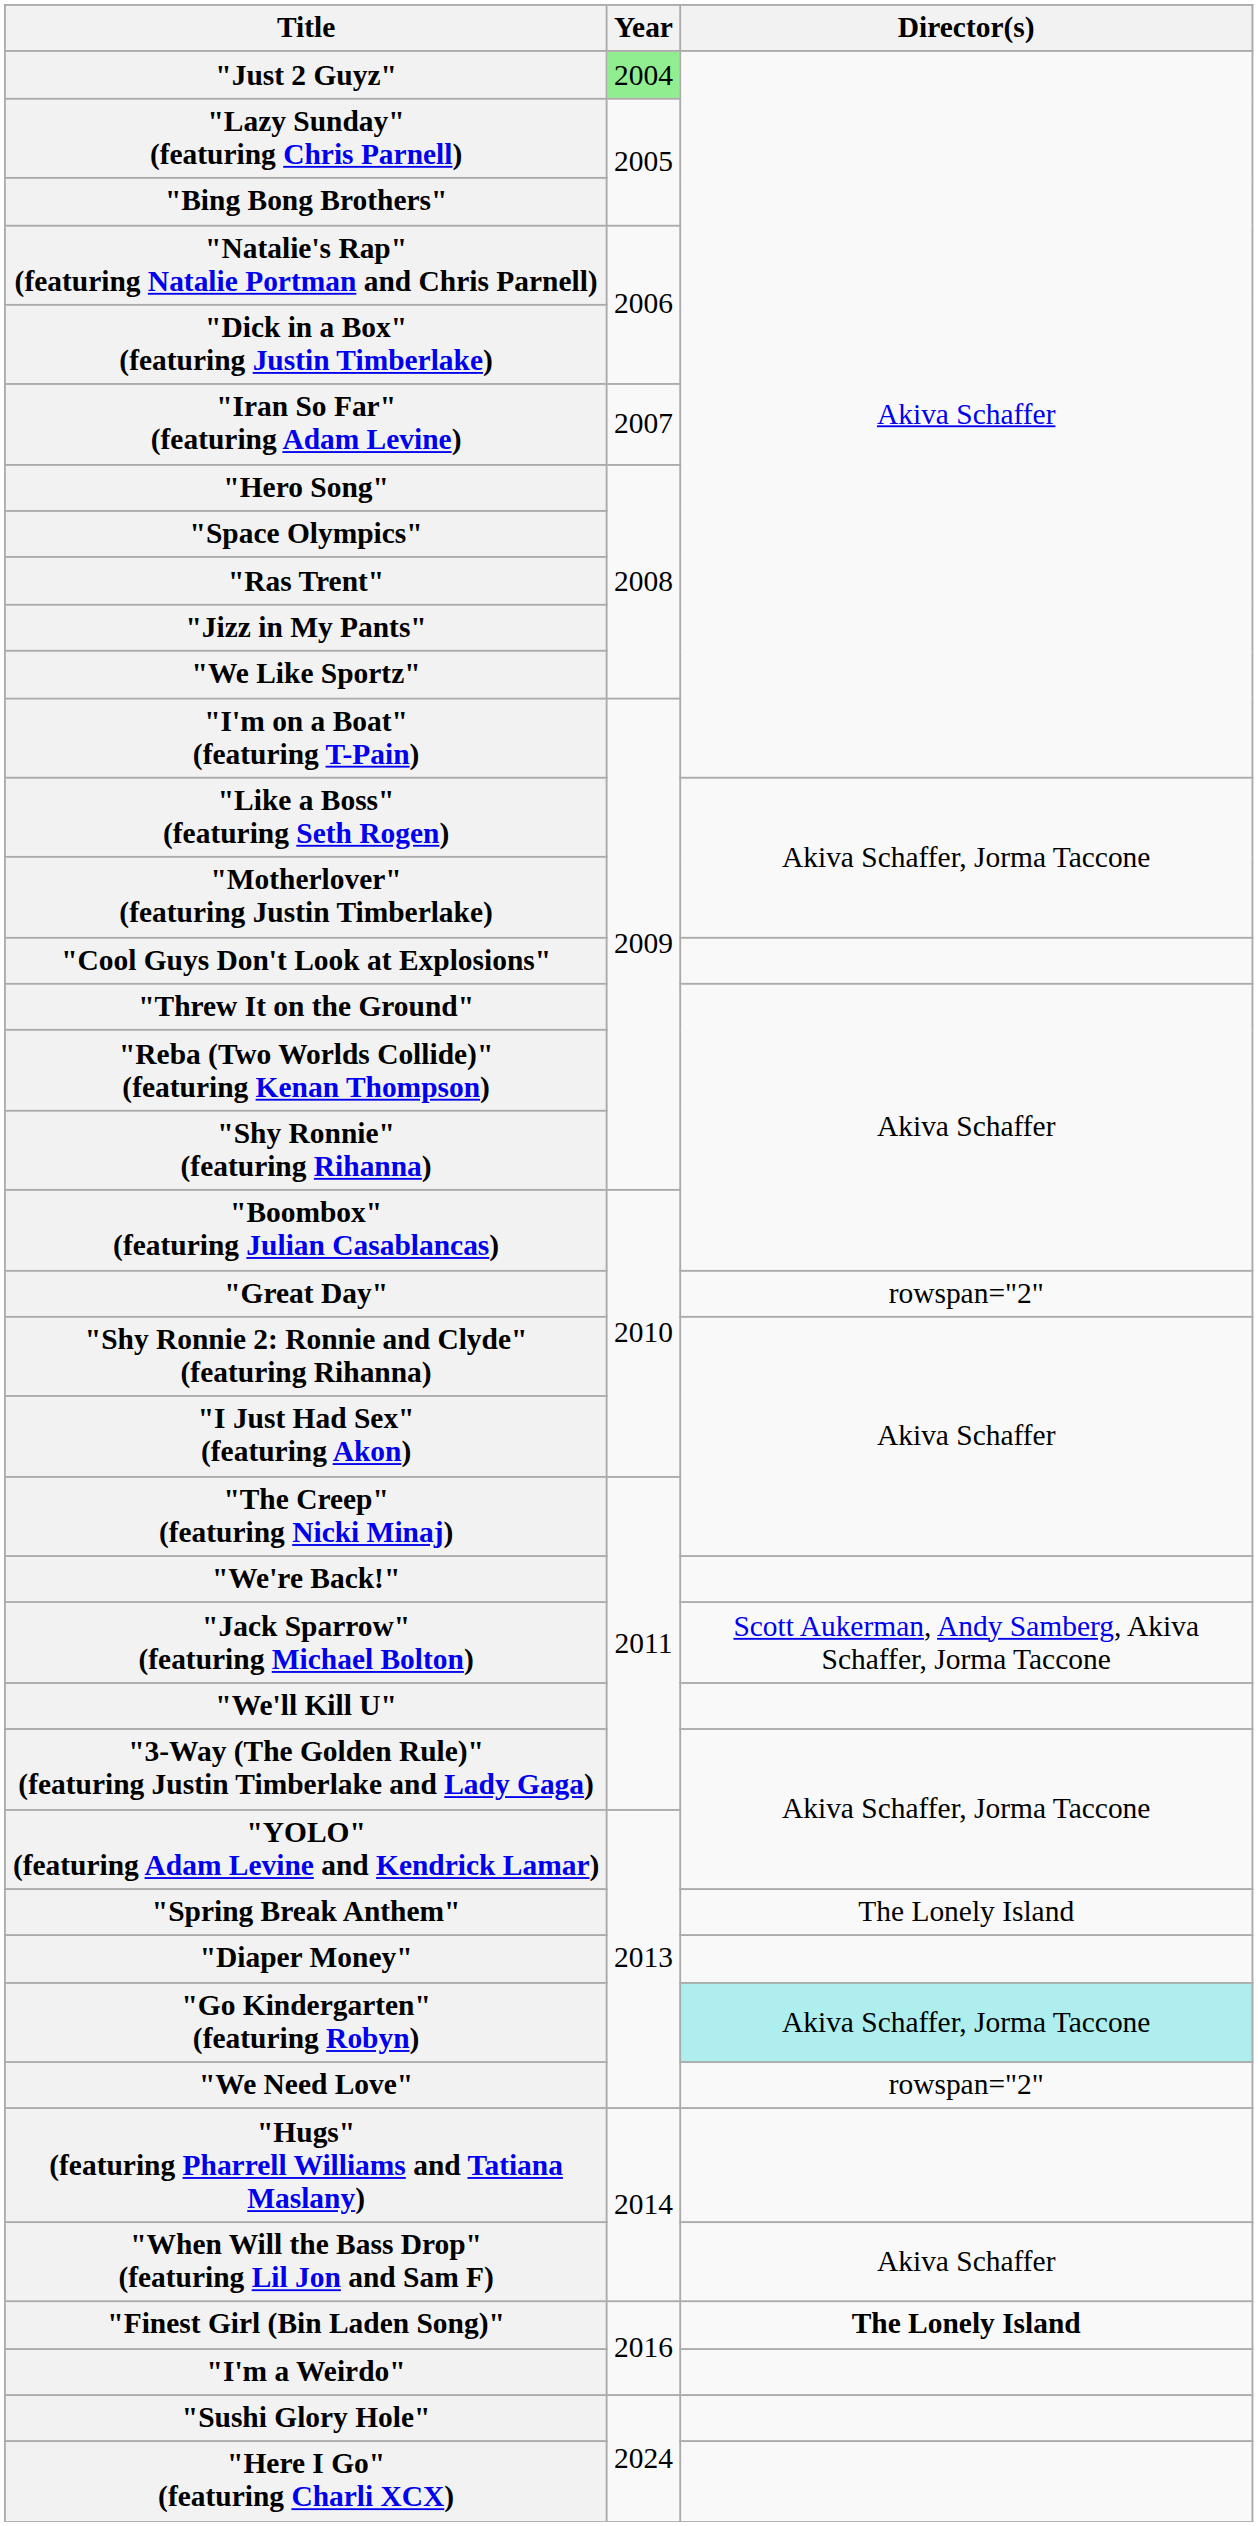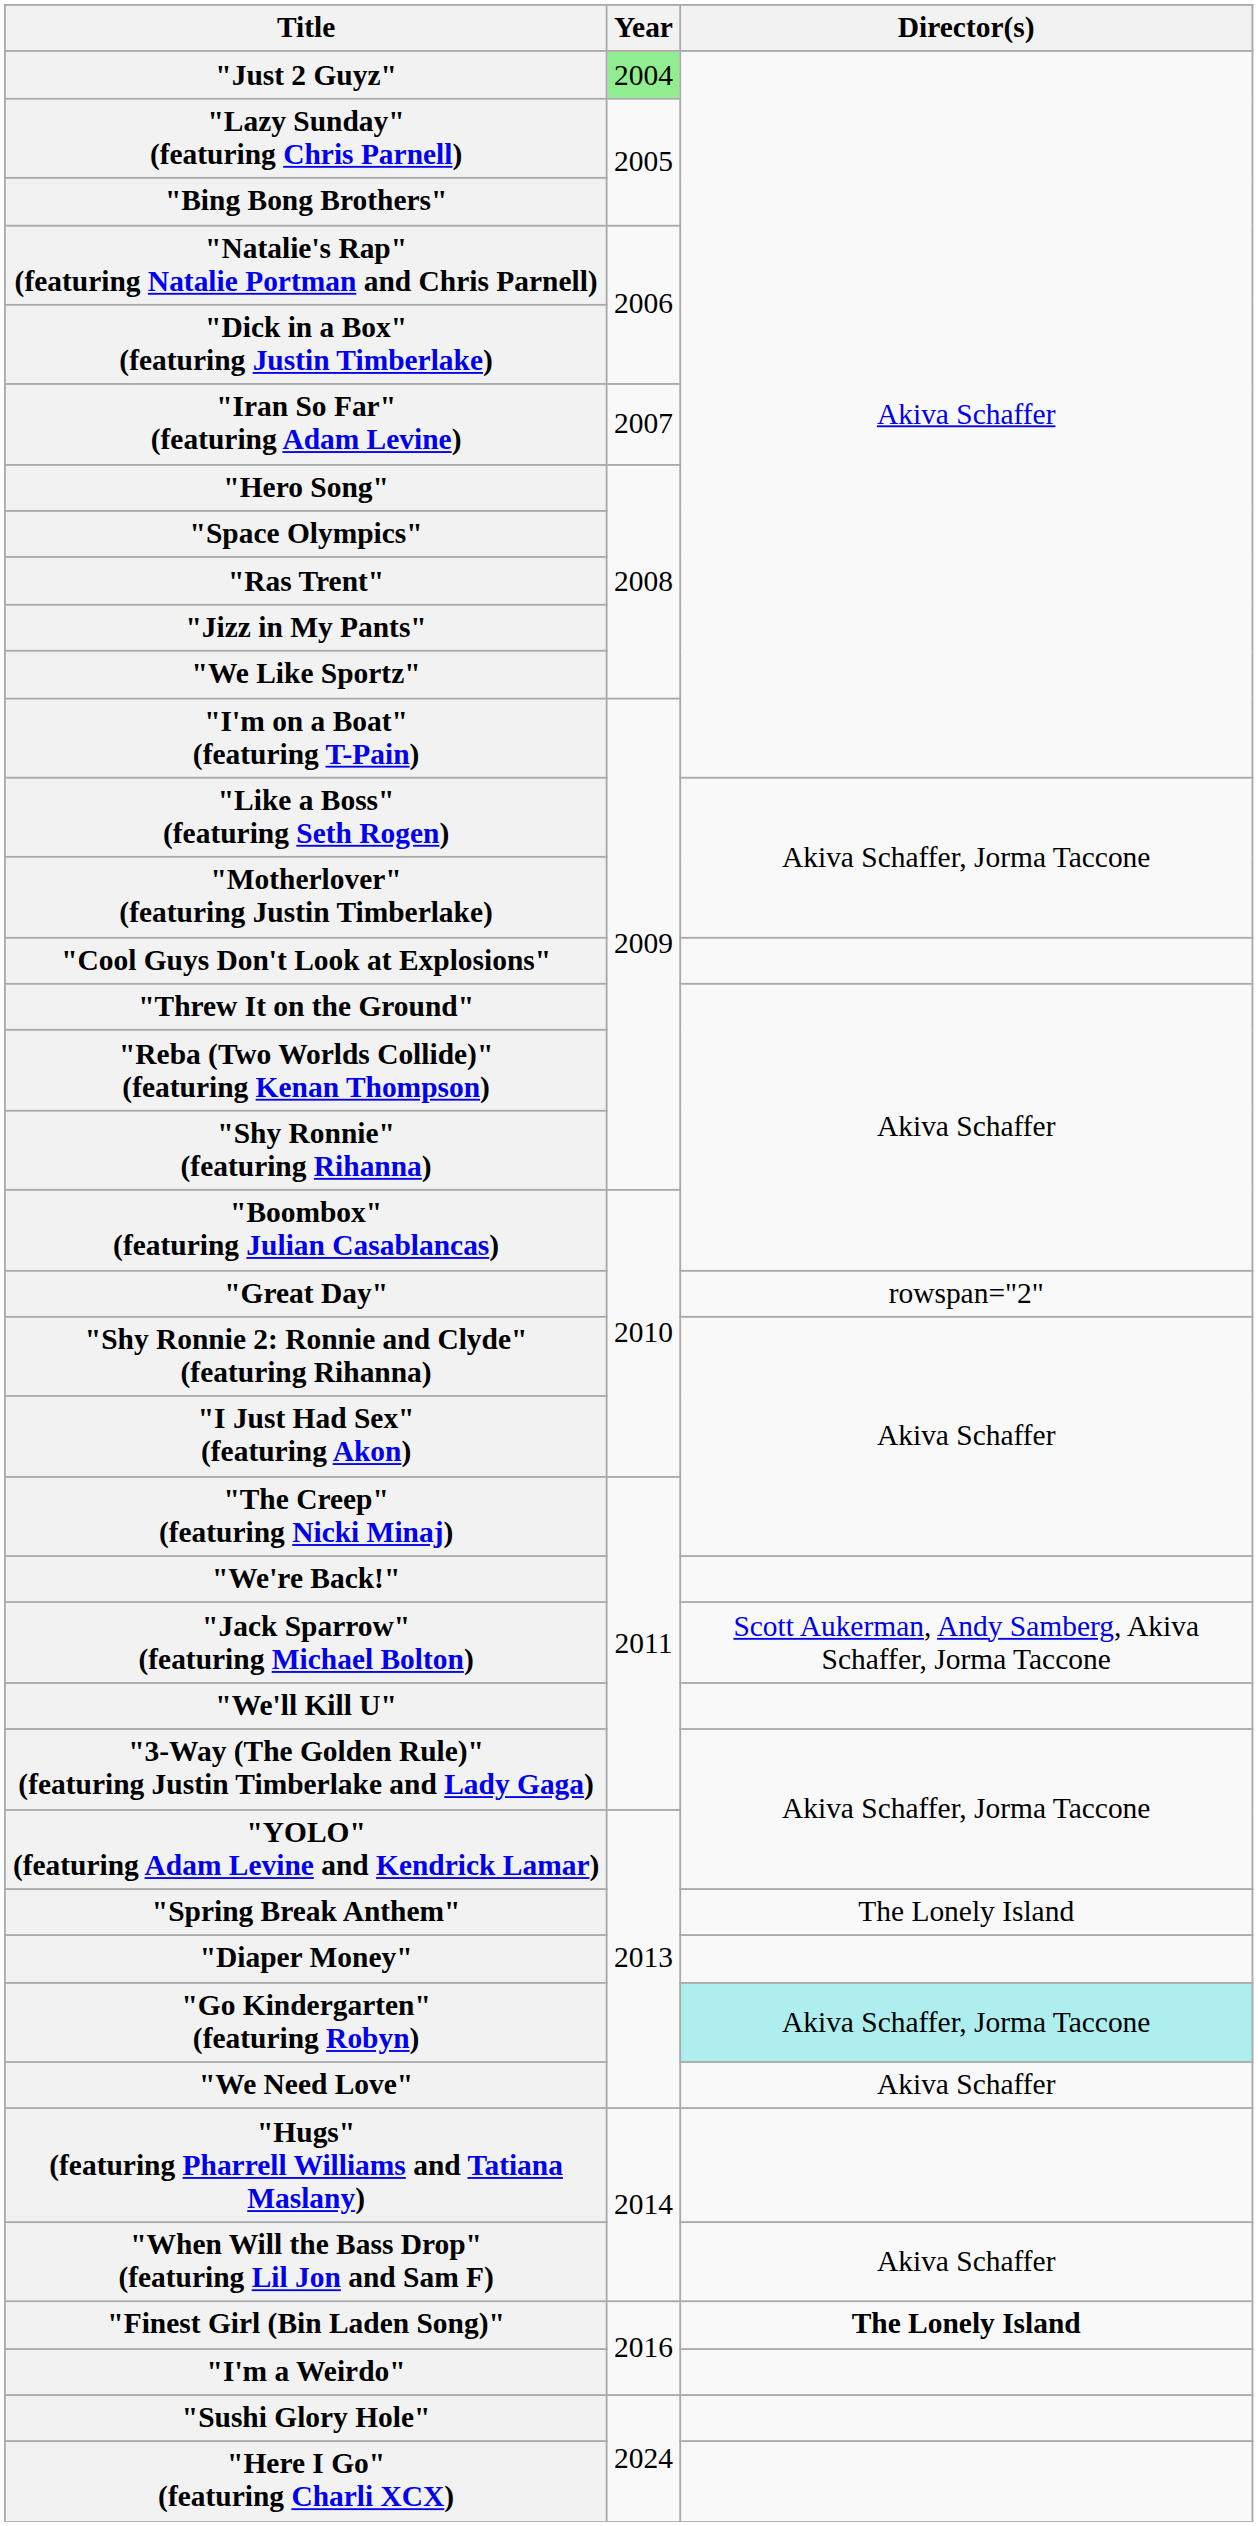 <table class="wikitable plainrowheaders" style="text-align:center;">
 <tr>
 <th scope="col" style="width:20em;">Title</th>
 <th scope="col">Year</th>
 <th scope="col" style="width:19em;">Director(s)</th>
 </tr>
 <tr>
 <th scope="row">"Just 2 Guyz"</th>
 <td style="background: lightgreen;">2004</td>
 <td rowspan="12"><a href='#'>Akiva Schaffer</a></td>
 </tr>
 <tr>
 <th scope="row">"Lazy Sunday"<br><span>(featuring <a href='#'>Chris Parnell</a>)</span></th>
 <td rowspan="2">2005</td>
 </tr>
 <tr>
 <th scope="row">"Bing Bong Brothers"</th>
 </tr>
 <tr>
 <th scope="row">"Natalie's Rap"<br><span>(featuring <a href='#'>Natalie Portman</a> and Chris Parnell)</span></th>
 <td rowspan="2">2006</td>
 </tr>
 <tr>
 <th scope="row">"Dick in a Box"<br><span>(featuring <a href='#'>Justin Timberlake</a>)</span></th>
 </tr>
 <tr>
 <th scope="row">"Iran So Far"<br><span>(featuring <a href='#'>Adam Levine</a>)</span></th>
 <td>2007</td>
 </tr>
 <tr>
 <th scope="row">"Hero Song"</th>
 <td rowspan="5">2008</td>
 </tr>
 <tr>
 <th scope="row">"Space Olympics"</th>
 </tr>
 <tr>
 <th scope="row">"Ras Trent"</th>
 </tr>
 <tr>
 <th scope="row">"Jizz in My Pants"</th>
 </tr>
 <tr>
 <th scope="row">"We Like Sportz"</th>
 </tr>
 <tr>
 <th scope="row">"I'm on a Boat"<br><span>(featuring <a href='#'>T-Pain</a>)</span></th>
 <td rowspan="7">2009</td>
 </tr>
 <tr>
 <th scope="row">"Like a Boss"<br><span>(featuring <a href='#'>Seth Rogen</a>)</span></th>
 <td rowspan="2">Akiva Schaffer, Jorma Taccone</td>
 </tr>
 <tr>
 <th scope="row">"Motherlover"<br><span>(featuring Justin Timberlake)</span></th>
 </tr>
 <tr>
 <th scope="row">"Cool Guys Don't Look at Explosions"</th>
 <td></td>
 </tr>
 <tr>
 <th scope="row">"Threw It on the Ground"</th>
 <td rowspan="4">Akiva Schaffer</td>
 </tr>
 <tr>
 <th scope="row">"Reba (Two Worlds Collide)"<br><span>(featuring <a href='#'>Kenan Thompson</a>)</span></th>
 </tr>
 <tr>
 <th scope="row">"Shy Ronnie"<br><span>(featuring <a href='#'>Rihanna</a>)</span></th>
 </tr>
 <tr>
 <th scope="row">"Boombox"<br><span>(featuring <a href='#'>Julian Casablancas</a>)</span></th>
 <td rowspan="4">2010</td>
 </tr>
 <tr>
 <th scope="row">"Great Day"</th>
 <td>rowspan="2" </td>
 </tr>
 <tr>
 <th scope="row">"Shy Ronnie 2: Ronnie and Clyde"<br><span>(featuring Rihanna)</span></th>
 <td rowspan="3">Akiva Schaffer</td>
 </tr>
 <tr>
 <th scope="row">"I Just Had Sex"<br><span>(featuring <a href='#'>Akon</a>)</span></th>
 </tr>
 <tr>
 <th scope="row">"The Creep"<br><span>(featuring <a href='#'>Nicki Minaj</a>)</span></th>
 <td rowspan="5">2011</td>
 </tr>
 <tr>
 <th scope="row">"We're Back!"</th>
 <td></td>
 </tr>
 <tr>
 <th scope="row">"Jack Sparrow"<br><span>(featuring <a href='#'>Michael Bolton</a>)</span></th>
 <td><a href='#'>Scott Aukerman</a>, <a href='#'>Andy Samberg</a>, Akiva Schaffer, Jorma Taccone</td>
 </tr>
 <tr>
 <th scope="row">"We'll Kill U"</th>
 <td></td>
 </tr>
 <tr>
 <th scope="row">"3-Way (The Golden Rule)"<br><span>(featuring Justin Timberlake and <a href='#'>Lady Gaga</a>)</span></th>
 <td rowspan="2">Akiva Schaffer, Jorma Taccone</td>
 </tr>
 <tr>
 <th scope="row">"YOLO"<br><span>(featuring <a href='#'>Adam Levine</a> and <a href='#'>Kendrick Lamar</a>)</span></th>
 <td rowspan="5">2013</td>
 </tr>
 <tr>
 <th scope="row">"Spring Break Anthem"</th>
 <td>The Lonely Island</td>
 </tr>
 <tr>
 <th scope="row">"Diaper Money"</th>
 <td></td>
 </tr>
 <tr>
 <th scope="row">"Go Kindergarten"<br><span>(featuring <a href='#'>Robyn</a>)</span></th>
 <td style="background: paleturquoise;">Akiva Schaffer, Jorma Taccone</td>
 </tr>
 <tr>
 <th scope="row">"We Need Love"</th>
-<td>rowspan="2" </td>
+<td>Akiva Schaffer</td>
 </tr>
 <tr>
 <th scope="row">"Hugs"<br><span>(featuring <a href='#'>Pharrell Williams</a> and <a href='#'>Tatiana Maslany</a>)</span></th>
 <td rowspan="2">2014</td>
 </tr>
 <tr>
 <th scope="row">"When Will the Bass Drop"<br><span>(featuring <a href='#'>Lil Jon</a> and Sam F)</span></th>
 <td>Akiva Schaffer</td>
 </tr>
 <tr>
 <th scope="row">"Finest Girl (Bin Laden Song)"</th>
 <td rowspan="2">2016</td>
 <td><strong>The Lonely Island</strong></td>
 </tr>
 <tr>
 <th scope="row">"I'm a Weirdo"</th>
 <td></td>
 </tr>
 <tr>
 <th scope="row">"Sushi Glory Hole"</th>
 <td rowspan="2">2024</td>
 <td></td>
 </tr>
 <tr>
 <th scope="row">"Here I Go"<br><span>(featuring <a href='#'>Charli XCX</a>)</span></th>
 <td></td>
 </tr>
 </table>
